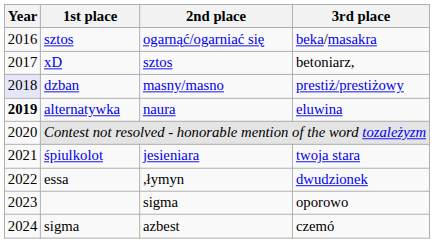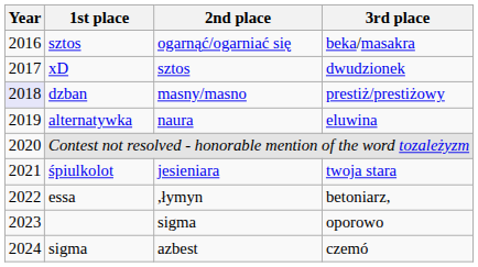 <table class="wikitable sortable">
 <tr>
 <th>Year</th>
 <th>1st place</th>
 <th>2nd place</th>
 <th>3rd place</th>
 </tr>
 <tr>
 <td>2016</td>
 <td><a href='#'>sztos</a></td>
 <td><a href='#'>ogarnąć/ogarniać się</a></td>
 <td><a href='#'>beka</a>/<a href='#'>masakra</a></td>
 </tr>
 <tr>
 <td>2017</td>
 <td><a href='#'>xD</a></td>
 <td><a href='#'>sztos</a></td>
-<td>betoniarz, </td>
+<td><a href='#'>dwudzionek</a></td>
 </tr>
 <tr>
 <td style="background: lavender;">2018</td>
 <td><a href='#'>dzban</a></td>
 <td><a href='#'>masny/masno</a></td>
 <td><a href='#'>prestiż/prestiżowy</a></td>
 </tr>
 <tr>
-<td><strong>2019</strong></td>
+<td>2019</td>
 <td><a href='#'>alternatywka</a></td>
 <td><a href='#'>naura</a></td>
 <td><a href='#'>eluwina</a></td>
 </tr>
 <tr>
 <td>2020</td>
 <td colspan="3" style="background: #e4e4e4; color: black; text-align: center"><em>Contest not resolved - honorable mention of the word <a href='#'>tozależyzm</a></em></td>
 </tr>
 <tr>
 <td>2021</td>
 <td><a href='#'>śpiulkolot</a></td>
 <td><a href='#'>jesieniara</a></td>
 <td><a href='#'>twoja stara</a></td>
 </tr>
 <tr>
 <td>2022</td>
 <td>essa</td>
 <td>,łymyn</td>
-<td><a href='#'>dwudzionek</a></td>
+<td>betoniarz, </td>
 </tr>
 <tr>
 <td>2023</td>
 <td></td>
 <td>sigma</td>
 <td>oporowo</td>
 </tr>
 <tr>
 <td>2024</td>
 <td>sigma</td>
 <td>azbest</td>
 <td>czemó</td>
 </tr>
 </table>
